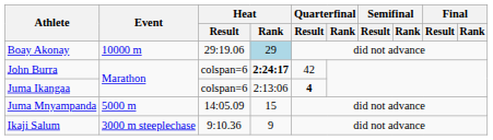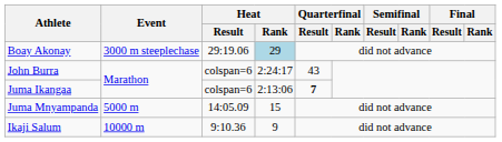 <table class="wikitable" style="font-size:90%">
 <tr>
 <th rowspan="2">Athlete</th>
 <th rowspan="2">Event</th>
 <th colspan="2">Heat</th>
 <th colspan="2">Quarterfinal</th>
 <th colspan="2">Semifinal</th>
 <th colspan="2">Final</th>
 </tr>
 <tr style="font-size:95%">
 <th>Result</th>
 <th>Rank</th>
 <th>Result</th>
 <th>Rank</th>
 <th>Result</th>
 <th>Rank</th>
 <th>Result</th>
 <th>Rank</th>
 </tr>
 <tr align=center>
 <td align=left><a href='#'>Boay Akonay</a></td>
-<td align=left><a href='#'>10000 m</a></td>
+<td align=left><a href='#'>3000 m steeplechase</a></td>
 <td>29:19.06</td>
 <td style="background: lightblue;">29</td>
 <td colspan=6>did not advance</td>
 </tr>
 <tr align=center>
 <td align=left><a href='#'>John Burra</a></td>
 <td align=left rowspan=2><a href='#'>Marathon</a></td>
 <td>colspan=6 </td>
-<td><strong>2:24:17</strong></td>
-<td>42</td>
+<td>2:24:17</td>
+<td>43</td>
 </tr>
 <tr align=center>
 <td align=left><a href='#'>Juma Ikangaa</a></td>
 <td>colspan=6 </td>
 <td>2:13:06</td>
-<td><strong>4</strong></td>
+<td><strong>7</strong></td>
 </tr>
 <tr align=center>
 <td align=left><a href='#'>Juma Mnyampanda</a></td>
 <td align=left><a href='#'>5000 m</a></td>
 <td>14:05.09</td>
 <td>15</td>
 <td colspan=6>did not advance</td>
 </tr>
 <tr align=center>
 <td align=left><a href='#'>Ikaji Salum</a></td>
-<td align=left><a href='#'>3000 m steeplechase</a></td>
+<td align=left><a href='#'>10000 m</a></td>
 <td>9:10.36</td>
 <td>9</td>
 <td colspan=6>did not advance</td>
 </tr>
 </table>
